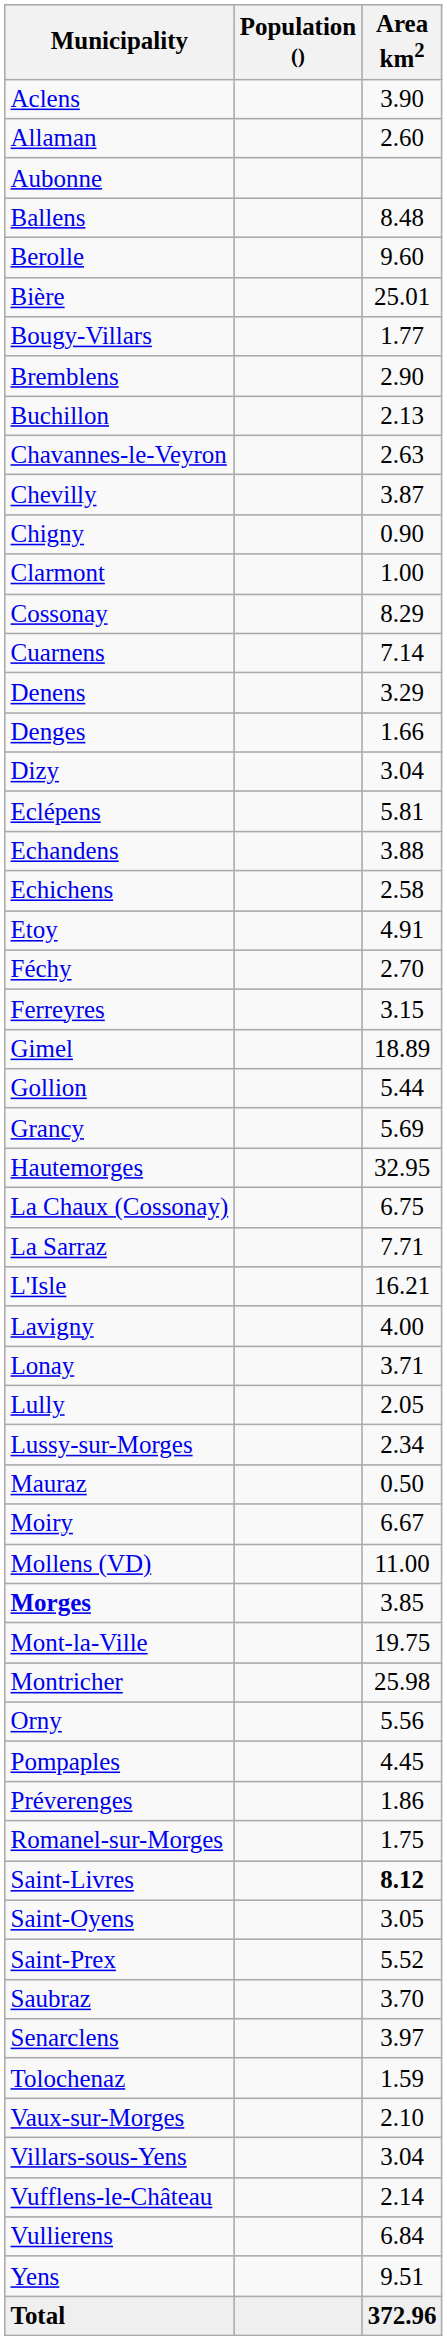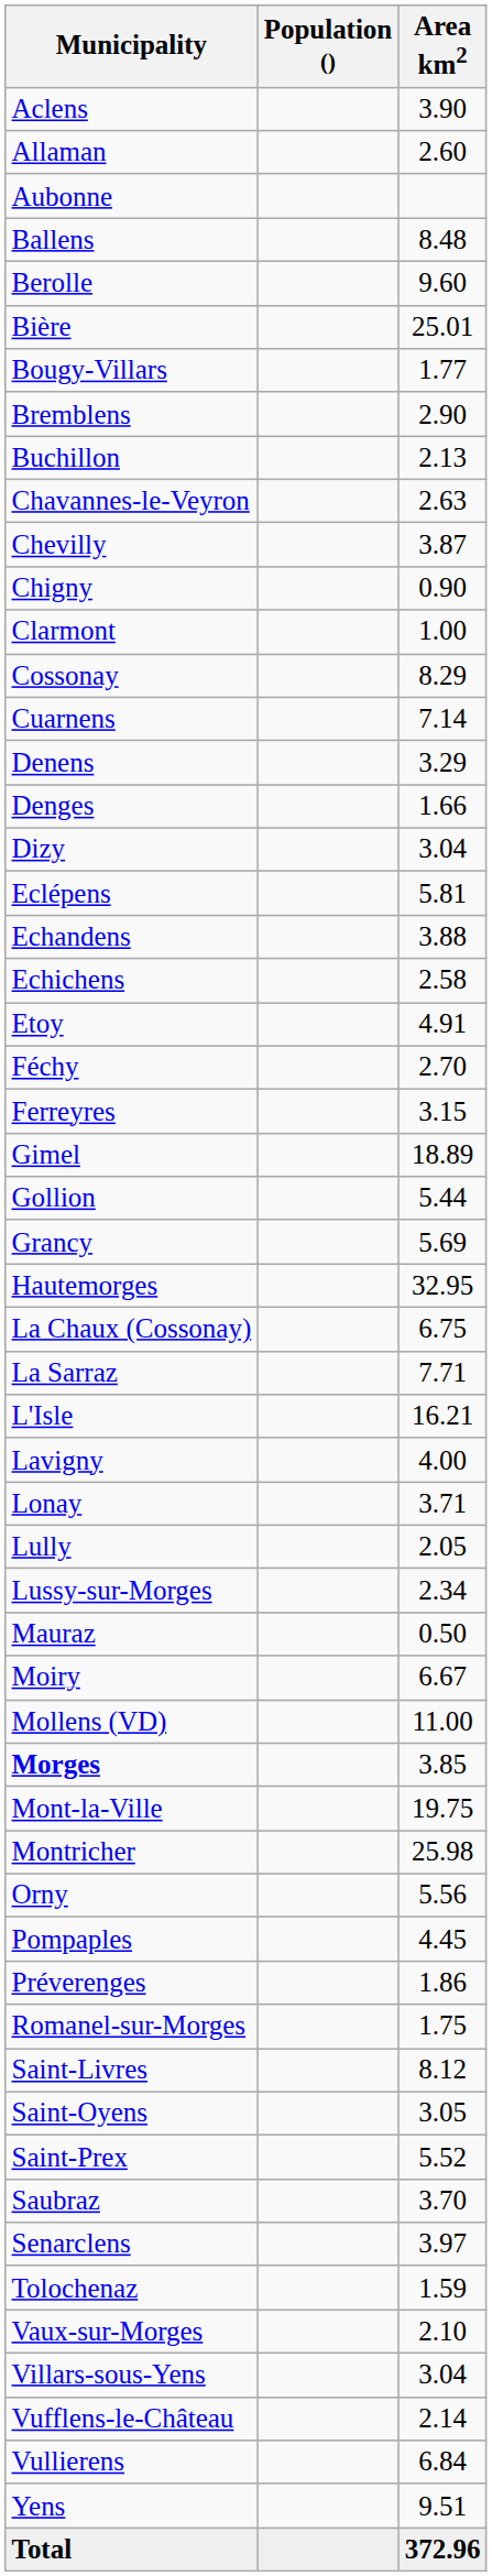 <table class="wikitable sortable">
 <tr>
 <th>Municipality</th>
 <th>Population<br><small>()</small></th>
 <th>Area <br>km<sup>2</sup></th>
 </tr>
 <tr>
 <td><a href='#'>Aclens</a></td>
 <td align="center"></td>
 <td align="center">3.90</td>
 </tr>
 <tr>
 <td><a href='#'>Allaman</a></td>
 <td align="center"></td>
 <td align="center">2.60</td>
 </tr>
 <tr>
 <td><a href='#'>Aubonne</a></td>
 <td align="center"></td>
 <td align="center"></td>
 </tr>
 <tr>
 <td><a href='#'>Ballens</a></td>
 <td align="center"></td>
 <td align="center">8.48</td>
 </tr>
 <tr>
 <td><a href='#'>Berolle</a></td>
 <td align="center"></td>
 <td align="center">9.60</td>
 </tr>
 <tr>
 <td><a href='#'>Bière</a></td>
 <td align="center"></td>
 <td align="center">25.01</td>
 </tr>
 <tr>
 <td><a href='#'>Bougy-Villars</a></td>
 <td align="center"></td>
 <td align="center">1.77</td>
 </tr>
 <tr>
 <td><a href='#'>Bremblens</a></td>
 <td align="center"></td>
 <td align="center">2.90</td>
 </tr>
 <tr>
 <td><a href='#'>Buchillon</a></td>
 <td align="center"></td>
 <td align="center">2.13</td>
 </tr>
 <tr>
 <td><a href='#'>Chavannes-le-Veyron</a></td>
 <td align="center"></td>
 <td align="center">2.63</td>
 </tr>
 <tr>
 <td><a href='#'>Chevilly</a></td>
 <td align="center"></td>
 <td align="center">3.87</td>
 </tr>
 <tr>
 <td><a href='#'>Chigny</a></td>
 <td align="center"></td>
 <td align="center">0.90</td>
 </tr>
 <tr>
 <td><a href='#'>Clarmont</a></td>
 <td align="center"></td>
 <td align="center">1.00</td>
 </tr>
 <tr>
 <td><a href='#'>Cossonay</a></td>
 <td align="center"></td>
 <td align="center">8.29</td>
 </tr>
 <tr>
 <td><a href='#'>Cuarnens</a></td>
 <td align="center"></td>
 <td align="center">7.14</td>
 </tr>
 <tr>
 <td><a href='#'>Denens</a></td>
 <td align="center"></td>
 <td align="center">3.29</td>
 </tr>
 <tr>
 <td><a href='#'>Denges</a></td>
 <td align="center"></td>
 <td align="center">1.66</td>
 </tr>
 <tr>
 <td><a href='#'>Dizy</a></td>
 <td align="center"></td>
 <td align="center">3.04</td>
 </tr>
 <tr>
 <td><a href='#'>Eclépens</a></td>
 <td align="center"></td>
 <td align="center">5.81</td>
 </tr>
 <tr>
 <td><a href='#'>Echandens</a></td>
 <td align="center"></td>
 <td align="center">3.88</td>
 </tr>
 <tr>
 <td><a href='#'>Echichens</a></td>
 <td align="center"></td>
 <td align="center">2.58</td>
 </tr>
 <tr>
 <td><a href='#'>Etoy</a></td>
 <td align="center"></td>
 <td align="center">4.91</td>
 </tr>
 <tr>
 <td><a href='#'>Féchy</a></td>
 <td align="center"></td>
 <td align="center">2.70</td>
 </tr>
 <tr>
 <td><a href='#'>Ferreyres</a></td>
 <td align="center"></td>
 <td align="center">3.15</td>
 </tr>
 <tr>
 <td><a href='#'>Gimel</a></td>
 <td align="center"></td>
 <td align="center">18.89</td>
 </tr>
 <tr>
 <td><a href='#'>Gollion</a></td>
 <td align="center"></td>
 <td align="center">5.44</td>
 </tr>
 <tr>
 <td><a href='#'>Grancy</a></td>
 <td align="center"></td>
 <td align="center">5.69</td>
 </tr>
 <tr>
 <td><a href='#'>Hautemorges</a></td>
 <td align="center"></td>
 <td align="center">32.95</td>
 </tr>
 <tr>
 <td><a href='#'>La Chaux (Cossonay)</a></td>
 <td align="center"></td>
 <td align="center">6.75</td>
 </tr>
 <tr>
 <td><a href='#'>La Sarraz</a></td>
 <td align="center"></td>
 <td align="center">7.71</td>
 </tr>
 <tr>
 <td><a href='#'>L'Isle</a></td>
 <td align="center"></td>
 <td align="center">16.21</td>
 </tr>
 <tr>
 <td><a href='#'>Lavigny</a></td>
 <td align="center"></td>
 <td align="center">4.00</td>
 </tr>
 <tr>
 <td><a href='#'>Lonay</a></td>
 <td align="center"></td>
 <td align="center">3.71</td>
 </tr>
 <tr>
 <td><a href='#'>Lully</a></td>
 <td align="center"></td>
 <td align="center">2.05</td>
 </tr>
 <tr>
 <td><a href='#'>Lussy-sur-Morges</a></td>
 <td align="center"></td>
 <td align="center">2.34</td>
 </tr>
 <tr>
 <td><a href='#'>Mauraz</a></td>
 <td align="center"></td>
 <td align="center">0.50</td>
 </tr>
 <tr>
 <td><a href='#'>Moiry</a></td>
 <td align="center"></td>
 <td align="center">6.67</td>
 </tr>
 <tr>
 <td><a href='#'>Mollens (VD)</a></td>
 <td align="center"></td>
 <td align="center">11.00</td>
 </tr>
 <tr>
 <td><strong><a href='#'>Morges</a></strong></td>
 <td align="center"></td>
 <td align="center">3.85</td>
 </tr>
 <tr>
 <td><a href='#'>Mont-la-Ville</a></td>
 <td align="center"></td>
 <td align="center">19.75</td>
 </tr>
 <tr>
 <td><a href='#'>Montricher</a></td>
 <td align="center"></td>
 <td align="center">25.98</td>
 </tr>
 <tr>
 <td><a href='#'>Orny</a></td>
 <td align="center"></td>
 <td align="center">5.56</td>
 </tr>
 <tr>
 <td><a href='#'>Pompaples</a></td>
 <td align="center"></td>
 <td align="center">4.45</td>
 </tr>
 <tr>
 <td><a href='#'>Préverenges</a></td>
 <td align="center"></td>
 <td align="center">1.86</td>
 </tr>
 <tr>
 <td><a href='#'>Romanel-sur-Morges</a></td>
 <td align="center"></td>
 <td align="center">1.75</td>
 </tr>
 <tr>
 <td><a href='#'>Saint-Livres</a></td>
 <td align="center"></td>
-<td align="center"><strong>8.12</strong></td>
+<td align="center">8.12</td>
 </tr>
 <tr>
 <td><a href='#'>Saint-Oyens</a></td>
 <td align="center"></td>
 <td align="center">3.05</td>
 </tr>
 <tr>
 <td><a href='#'>Saint-Prex</a></td>
 <td align="center"></td>
 <td align="center">5.52</td>
 </tr>
 <tr>
 <td><a href='#'>Saubraz</a></td>
 <td align="center"></td>
 <td align="center">3.70</td>
 </tr>
 <tr>
 <td><a href='#'>Senarclens</a></td>
 <td align="center"></td>
 <td align="center">3.97</td>
 </tr>
 <tr>
 <td><a href='#'>Tolochenaz</a></td>
 <td align="center"></td>
 <td align="center">1.59</td>
 </tr>
 <tr>
 <td><a href='#'>Vaux-sur-Morges</a></td>
 <td align="center"></td>
 <td align="center">2.10</td>
 </tr>
 <tr>
 <td><a href='#'>Villars-sous-Yens</a></td>
 <td align="center"></td>
 <td align="center">3.04</td>
 </tr>
 <tr>
 <td><a href='#'>Vufflens-le-Château</a></td>
 <td align="center"></td>
 <td align="center">2.14</td>
 </tr>
 <tr>
 <td><a href='#'>Vullierens</a></td>
 <td align="center"></td>
 <td align="center">6.84</td>
 </tr>
 <tr>
 <td><a href='#'>Yens</a></td>
 <td align="center"></td>
 <td align="center">9.51</td>
 </tr>
 <tr>
 <td bgcolor="#EFEFEF"><strong>Total</strong></td>
 <td bgcolor="#EFEFEF" align="center"></td>
 <td bgcolor="#EFEFEF" align="center"><strong>372.96</strong></td>
 </tr>
 </table>
